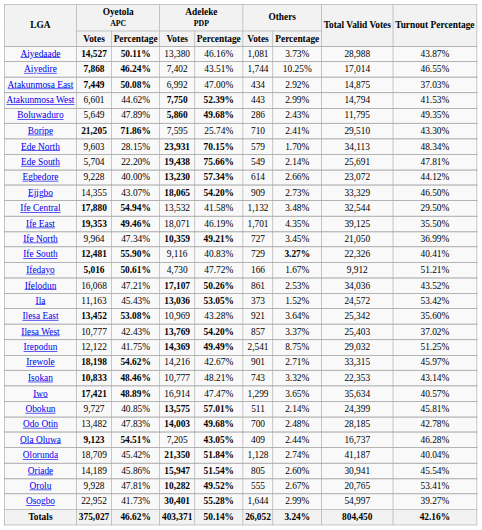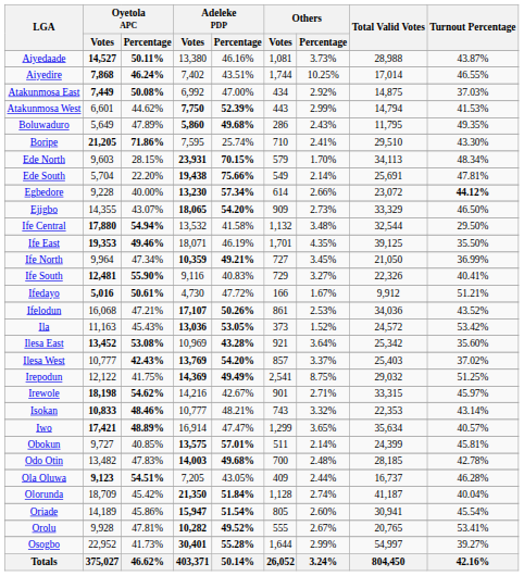 <table class="wikitable sortable" style=" font-size: 90%">
 <tr>
 <th rowspan="2">LGA</th>
 <th colspan="2">Oyetola<br><small>APC</small></th>
 <th colspan="2">Adeleke<br><small>PDP</small></th>
 <th colspan="2">Others</th>
 <th rowspan="2">Total Valid Votes</th>
 <th rowspan="2">Turnout Percentage</th>
 </tr>
 <tr>
 <th>Votes</th>
 <th>Percentage</th>
 <th>Votes</th>
 <th>Percentage</th>
 <th>Votes</th>
 <th>Percentage</th>
 </tr>
 <tr>
 </tr>
 <tr style="background-color:#">
 <td align="center"><a href='#'>Aiyedaade</a></td>
 <td align="center"><strong>14,527</strong></td>
 <td align="center"><strong>50.11%</strong></td>
 <td align="center">13,380</td>
 <td align="center">46.16%</td>
 <td align="center">1,081</td>
 <td align="center">3.73%</td>
 <td align="center">28,988</td>
 <td align="center">43.87%</td>
 </tr>
 <tr>
 </tr>
 <tr style="background-color:#">
 <td align="center"><a href='#'>Aiyedire</a></td>
 <td align="center"><strong>7,868</strong></td>
 <td align="center"><strong>46.24%</strong></td>
 <td align="center">7,402</td>
 <td align="center">43.51%</td>
 <td align="center">1,744</td>
 <td align="center">10.25%</td>
 <td align="center">17,014</td>
 <td align="center">46.55%</td>
 </tr>
 <tr>
 </tr>
 <tr style="background-color:#">
 <td align="center"><a href='#'>Atakunmosa East</a></td>
 <td align="center"><strong>7,449</strong></td>
 <td align="center"><strong>50.08%</strong></td>
 <td align="center">6,992</td>
 <td align="center">47.00%</td>
 <td align="center">434</td>
 <td align="center">2.92%</td>
 <td align="center">14,875</td>
 <td align="center">37.03%</td>
 </tr>
 <tr>
 </tr>
 <tr style="background-color:#">
 <td align="center"><a href='#'>Atakunmosa West</a></td>
 <td align="center">6,601</td>
 <td align="center">44.62%</td>
 <td align="center"><strong>7,750</strong></td>
 <td align="center"><strong>52.39%</strong></td>
 <td align="center">443</td>
 <td align="center">2.99%</td>
 <td align="center">14,794</td>
 <td align="center">41.53%</td>
 </tr>
 <tr>
 </tr>
 <tr style="background-color:#">
 <td align="center"><a href='#'>Boluwaduro</a></td>
 <td align="center">5,649</td>
 <td align="center">47.89%</td>
 <td align="center"><strong>5,860</strong></td>
 <td align="center"><strong>49.68%</strong></td>
 <td align="center">286</td>
 <td align="center">2.43%</td>
 <td align="center">11,795</td>
 <td align="center">49.35%</td>
 </tr>
 <tr>
 </tr>
 <tr style="background-color:#">
 <td align="center"><a href='#'>Boripe</a></td>
 <td align="center"><strong>21,205</strong></td>
 <td align="center"><strong>71.86%</strong></td>
 <td align="center">7,595</td>
 <td align="center">25.74%</td>
 <td align="center">710</td>
 <td align="center">2.41%</td>
 <td align="center">29,510</td>
 <td align="center">43.30%</td>
 </tr>
 <tr>
 </tr>
 <tr style="background-color:#">
 <td align="center"><a href='#'>Ede North</a></td>
 <td align="center">9,603</td>
 <td align="center">28.15%</td>
 <td align="center"><strong>23,931</strong></td>
 <td align="center"><strong>70.15%</strong></td>
 <td align="center">579</td>
 <td align="center">1.70%</td>
 <td align="center">34,113</td>
 <td align="center">48.34%</td>
 </tr>
 <tr>
 </tr>
 <tr style="background-color:#">
 <td align="center"><a href='#'>Ede South</a></td>
 <td align="center">5,704</td>
 <td align="center">22.20%</td>
 <td align="center"><strong>19,438</strong></td>
 <td align="center"><strong>75.66%</strong></td>
 <td align="center">549</td>
 <td align="center">2.14%</td>
 <td align="center">25,691</td>
 <td align="center">47.81%</td>
 </tr>
 <tr>
 </tr>
 <tr style="background-color:#">
 <td align="center"><a href='#'>Egbedore</a></td>
 <td align="center">9,228</td>
 <td align="center">40.00%</td>
 <td align="center"><strong>13,230</strong></td>
 <td align="center"><strong>57.34%</strong></td>
 <td align="center">614</td>
 <td align="center">2.66%</td>
 <td align="center">23,072</td>
-<td align="center">44.12%</td>
+<td align="center"><strong>44.12%</strong></td>
 </tr>
 <tr>
 </tr>
 <tr style="background-color:#">
 <td align="center"><a href='#'>Ejigbo</a></td>
 <td align="center">14,355</td>
 <td align="center">43.07%</td>
 <td align="center"><strong>18,065</strong></td>
 <td align="center"><strong>54.20%</strong></td>
 <td align="center">909</td>
 <td align="center">2.73%</td>
 <td align="center">33,329</td>
 <td align="center">46.50%</td>
 </tr>
 <tr>
 </tr>
 <tr style="background-color:#">
 <td align="center"><a href='#'>Ife Central</a></td>
 <td align="center"><strong>17,880</strong></td>
 <td align="center"><strong>54.94%</strong></td>
 <td align="center">13,532</td>
 <td align="center">41.58%</td>
 <td align="center">1,132</td>
 <td align="center">3.48%</td>
 <td align="center">32,544</td>
 <td align="center">29.50%</td>
 </tr>
 <tr>
 </tr>
 <tr style="background-color:#">
 <td align="center"><a href='#'>Ife East</a></td>
 <td align="center"><strong>19,353</strong></td>
 <td align="center"><strong>49.46%</strong></td>
 <td align="center">18,071</td>
 <td align="center">46.19%</td>
 <td align="center">1,701</td>
 <td align="center">4.35%</td>
 <td align="center">39,125</td>
 <td align="center">35.50%</td>
 </tr>
 <tr>
 </tr>
 <tr style="background-color:#">
 <td align="center"><a href='#'>Ife North</a></td>
 <td align="center">9,964</td>
 <td align="center">47.34%</td>
 <td align="center"><strong>10,359</strong></td>
 <td align="center"><strong>49.21%</strong></td>
 <td align="center">727</td>
 <td align="center">3.45%</td>
 <td align="center">21,050</td>
 <td align="center">36.99%</td>
 </tr>
 <tr>
 </tr>
 <tr style="background-color:#">
 <td align="center"><a href='#'>Ife South</a></td>
 <td align="center"><strong>12,481</strong></td>
 <td align="center"><strong>55.90%</strong></td>
 <td align="center">9,116</td>
 <td align="center">40.83%</td>
 <td align="center">729</td>
-<td align="center"><strong>3.27%</strong></td>
+<td align="center">3.27%</td>
 <td align="center">22,326</td>
 <td align="center">40.41%</td>
 </tr>
 <tr>
 </tr>
 <tr style="background-color:#">
 <td align="center"><a href='#'>Ifedayo</a></td>
 <td align="center"><strong>5,016</strong></td>
 <td align="center"><strong>50.61%</strong></td>
 <td align="center">4,730</td>
 <td align="center">47.72%</td>
 <td align="center">166</td>
 <td align="center">1.67%</td>
 <td align="center">9,912</td>
 <td align="center">51.21%</td>
 </tr>
 <tr>
 </tr>
 <tr style="background-color:#">
 <td align="center"><a href='#'>Ifelodun</a></td>
 <td align="center">16,068</td>
 <td align="center">47.21%</td>
 <td align="center"><strong>17,107</strong></td>
 <td align="center"><strong>50.26%</strong></td>
 <td align="center">861</td>
 <td align="center">2.53%</td>
 <td align="center">34,036</td>
 <td align="center">43.52%</td>
 </tr>
 <tr>
 </tr>
 <tr style="background-color:#">
 <td align="center"><a href='#'>Ila</a></td>
 <td align="center">11,163</td>
 <td align="center">45.43%</td>
 <td align="center"><strong>13,036</strong></td>
 <td align="center"><strong>53.05%</strong></td>
 <td align="center">373</td>
 <td align="center">1.52%</td>
 <td align="center">24,572</td>
 <td align="center">53.42%</td>
 </tr>
 <tr>
 </tr>
 <tr style="background-color:#">
 <td align="center"><a href='#'>Ilesa East</a></td>
 <td align="center"><strong>13,452</strong></td>
 <td align="center"><strong>53.08%</strong></td>
 <td align="center">10,969</td>
-<td align="center">43.28%</td>
+<td align="center"><strong>43.28%</strong></td>
 <td align="center">921</td>
 <td align="center">3.64%</td>
 <td align="center">25,342</td>
 <td align="center">35.60%</td>
 </tr>
 <tr>
 </tr>
 <tr style="background-color:#">
 <td align="center"><a href='#'>Ilesa West</a></td>
 <td align="center">10,777</td>
-<td align="center">42.43%</td>
+<td align="center"><strong>42.43%</strong></td>
 <td align="center"><strong>13,769</strong></td>
 <td align="center"><strong>54.20%</strong></td>
 <td align="center">857</td>
 <td align="center">3.37%</td>
 <td align="center">25,403</td>
 <td align="center">37.02%</td>
 </tr>
 <tr>
 </tr>
 <tr style="background-color:#">
 <td align="center"><a href='#'>Irepodun</a></td>
 <td align="center">12,122</td>
 <td align="center">41.75%</td>
 <td align="center"><strong>14,369</strong></td>
 <td align="center"><strong>49.49%</strong></td>
 <td align="center">2,541</td>
 <td align="center">8.75%</td>
 <td align="center">29,032</td>
 <td align="center">51.25%</td>
 </tr>
 <tr>
 </tr>
 <tr style="background-color:#">
 <td align="center"><a href='#'>Irewole</a></td>
 <td align="center"><strong>18,198</strong></td>
 <td align="center"><strong>54.62%</strong></td>
 <td align="center">14,216</td>
 <td align="center">42.67%</td>
 <td align="center">901</td>
 <td align="center">2.71%</td>
 <td align="center">33,315</td>
 <td align="center">45.97%</td>
 </tr>
 <tr>
 </tr>
 <tr style="background-color:#">
 <td align="center"><a href='#'>Isokan</a></td>
 <td align="center"><strong>10,833</strong></td>
 <td align="center"><strong>48.46%</strong></td>
 <td align="center">10,777</td>
 <td align="center">48.21%</td>
 <td align="center">743</td>
 <td align="center">3.32%</td>
 <td align="center">22,353</td>
 <td align="center">43.14%</td>
 </tr>
 <tr>
 </tr>
 <tr style="background-color:#">
 <td align="center"><a href='#'>Iwo</a></td>
 <td align="center"><strong>17,421</strong></td>
 <td align="center"><strong>48.89%</strong></td>
 <td align="center">16,914</td>
 <td align="center">47.47%</td>
 <td align="center">1,299</td>
 <td align="center">3.65%</td>
 <td align="center">35,634</td>
 <td align="center">40.57%</td>
 </tr>
 <tr>
 </tr>
 <tr style="background-color:#">
 <td align="center"><a href='#'>Obokun</a></td>
 <td align="center">9,727</td>
 <td align="center">40.85%</td>
 <td align="center"><strong>13,575</strong></td>
 <td align="center"><strong>57.01%</strong></td>
 <td align="center">511</td>
 <td align="center">2.14%</td>
 <td align="center">24,399</td>
 <td align="center">45.81%</td>
 </tr>
 <tr>
 </tr>
 <tr style="background-color:#">
 <td align="center"><a href='#'>Odo Otin</a></td>
 <td align="center">13,482</td>
 <td align="center">47.83%</td>
 <td align="center"><strong>14,003</strong></td>
 <td align="center"><strong>49.68%</strong></td>
 <td align="center">700</td>
 <td align="center">2.48%</td>
 <td align="center">28,185</td>
 <td align="center">42.78%</td>
 </tr>
 <tr>
 </tr>
 <tr style="background-color:#">
 <td align="center"><a href='#'>Ola Oluwa</a></td>
 <td align="center"><strong>9,123</strong></td>
 <td align="center"><strong>54.51%</strong></td>
 <td align="center">7,205</td>
-<td align="center"><strong>43.05%</strong></td>
+<td align="center">43.05%</td>
 <td align="center">409</td>
 <td align="center">2.44%</td>
 <td align="center">16,737</td>
 <td align="center">46.28%</td>
 </tr>
 <tr>
 </tr>
 <tr style="background-color:#">
 <td align="center"><a href='#'>Olorunda</a></td>
 <td align="center">18,709</td>
 <td align="center">45.42%</td>
 <td align="center"><strong>21,350</strong></td>
 <td align="center"><strong>51.84%</strong></td>
 <td align="center">1,128</td>
 <td align="center">2.74%</td>
 <td align="center">41,187</td>
 <td align="center">40.04%</td>
 </tr>
 <tr>
 </tr>
 <tr style="background-color:#">
 <td align="center"><a href='#'>Oriade</a></td>
 <td align="center">14,189</td>
 <td align="center">45.86%</td>
 <td align="center"><strong>15,947</strong></td>
 <td align="center"><strong>51.54%</strong></td>
 <td align="center">805</td>
 <td align="center">2.60%</td>
 <td align="center">30,941</td>
 <td align="center">45.54%</td>
 </tr>
 <tr>
 </tr>
 <tr style="background-color:#">
 <td align="center"><a href='#'>Orolu</a></td>
 <td align="center">9,928</td>
 <td align="center">47.81%</td>
 <td align="center"><strong>10,282</strong></td>
 <td align="center"><strong>49.52%</strong></td>
 <td align="center">555</td>
 <td align="center">2.67%</td>
 <td align="center">20,765</td>
 <td align="center">53.41%</td>
 </tr>
 <tr>
 </tr>
 <tr style="background-color:#">
 <td align="center"><a href='#'>Osogbo</a></td>
 <td align="center">22,952</td>
 <td align="center">41.73%</td>
 <td align="center"><strong>30,401</strong></td>
 <td align="center"><strong>55.28%</strong></td>
 <td align="center">1,644</td>
 <td align="center">2.99%</td>
 <td align="center">54,997</td>
 <td align="center">39.27%</td>
 </tr>
 <tr>
 <th>Totals</th>
 <th>375,027</th>
 <th>46.62%</th>
 <th>403,371</th>
 <th>50.14%</th>
 <th>26,052</th>
 <th>3.24%</th>
 <th>804,450</th>
 <th>42.16%</th>
 </tr>
 </table>
